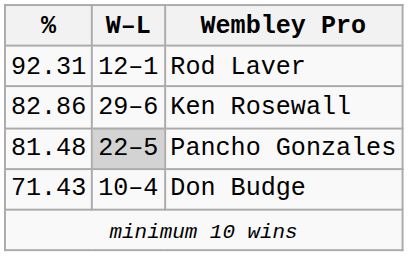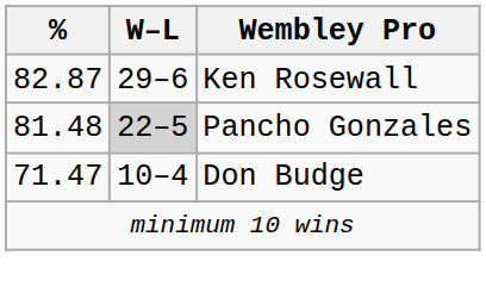 <table class=wikitable style="display:inline-table;">
 <tr>
 <th>%</th>
 <th>W–L</th>
 <th>Wembley Pro</th>
 </tr>
 <tr>
-<td>92.31</td>
-<td>12–1</td>
-<td> Rod Laver</td>
-</tr>
-<tr>
-<td>82.86</td>
+<td>82.87</td>
 <td>29–6</td>
 <td> Ken Rosewall</td>
 </tr>
 <tr>
 <td>81.48</td>
 <td style="background: lightgrey;">22–5</td>
 <td> Pancho Gonzales</td>
 </tr>
 <tr>
-<td>71.43</td>
+<td>71.47</td>
 <td>10–4</td>
 <td> Don Budge</td>
 </tr>
 <tr>
 <td colspan="3" style="text-align: center;"><small><em>minimum 10 wins</em></small></td>
 </tr>
 </table>
